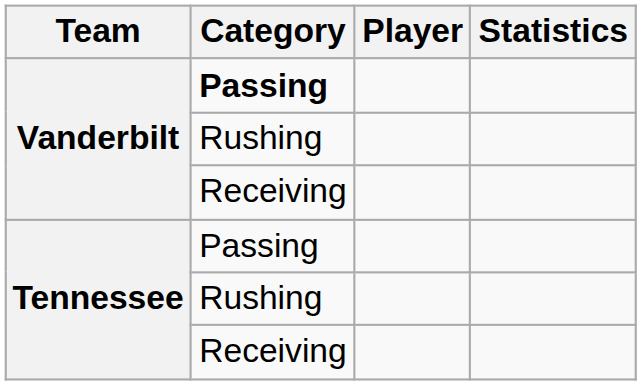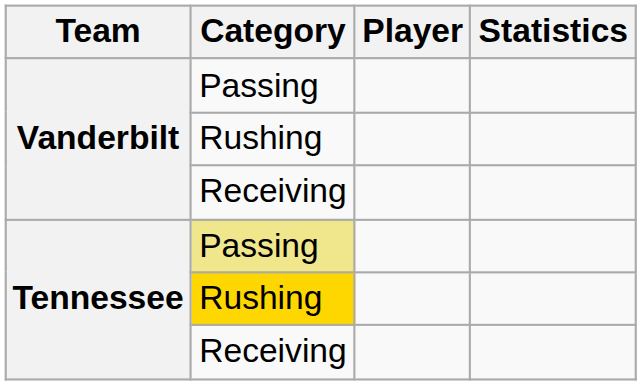 <table class="wikitable" style="float:right">
 <tr>
 <th>Team</th>
 <th>Category</th>
 <th>Player</th>
 <th>Statistics</th>
 </tr>
 <tr>
 <th rowspan=3>Vanderbilt</th>
-<td><strong>Passing</strong></td>
+<td>Passing</td>
 <td></td>
 <td></td>
 </tr>
 <tr>
 <td>Rushing</td>
 <td></td>
 <td></td>
 </tr>
 <tr>
 <td>Receiving</td>
 <td></td>
 <td></td>
 </tr>
 <tr>
 <th rowspan=3>Tennessee</th>
-<td>Passing</td>
+<td style="background: khaki;">Passing</td>
 <td></td>
 <td></td>
 </tr>
 <tr>
-<td>Rushing</td>
+<td style="background: gold;">Rushing</td>
 <td></td>
 <td></td>
 </tr>
 <tr>
 <td>Receiving</td>
 <td></td>
 <td></td>
 </tr>
 </table>
